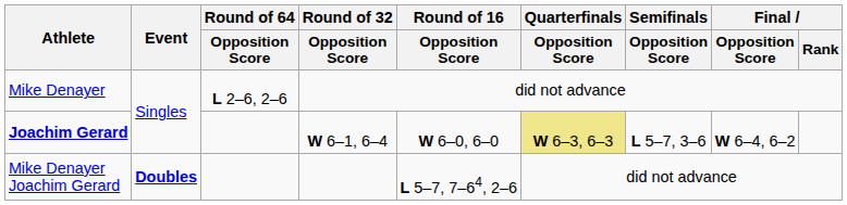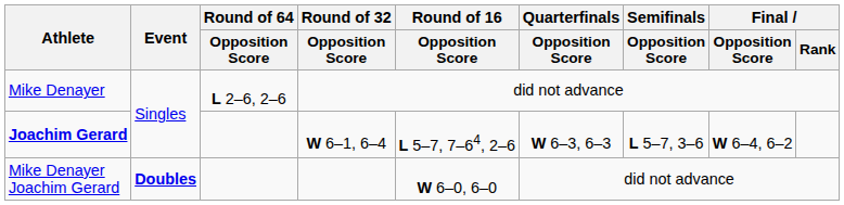 <table class=wikitable style="font-size:90%">
 <tr>
 <th rowspan="2">Athlete</th>
 <th rowspan="2">Event</th>
 <th>Round of 64</th>
 <th>Round of 32</th>
 <th>Round of 16</th>
 <th>Quarterfinals</th>
 <th>Semifinals</th>
 <th colspan=2>Final / </th>
 </tr>
 <tr style="font-size:95%">
 <th>Opposition<br>Score</th>
 <th>Opposition<br>Score</th>
 <th>Opposition<br>Score</th>
 <th>Opposition<br>Score</th>
 <th>Opposition<br>Score</th>
 <th>Opposition<br>Score</th>
 <th>Rank</th>
 </tr>
 <tr align=center>
 <td align=left><a href='#'>Mike Denayer</a></td>
 <td align=left rowspan=2><a href='#'>Singles</a></td>
 <td><br><strong>L</strong> 2–6, 2–6</td>
 <td colspan=6>did not advance</td>
 </tr>
 <tr align=center>
 <td align=left><strong><a href='#'>Joachim Gerard</a></strong></td>
 <td></td>
 <td><br><strong>W</strong> 6–1, 6–4</td>
-<td><br><strong>W</strong> 6–0, 6–0</td>
-<td style="background: khaki;"><br><strong>W</strong> 6–3, 6–3</td>
+<td><br><strong>L</strong> 5–7, 7–6<sup>4</sup>, 2–6</td>
+<td><br><strong>W</strong> 6–3, 6–3</td>
 <td><br><strong>L</strong> 5–7, 3–6</td>
 <td><br><strong>W</strong> 6–4, 6–2</td>
 <td></td>
 </tr>
 <tr align=center>
 <td align=left><a href='#'>Mike Denayer</a><br><a href='#'>Joachim Gerard</a></td>
 <td align=left><strong><a href='#'>Doubles</a></strong></td>
 <td></td>
 <td></td>
-<td><br><strong>L</strong> 5–7, 7–6<sup>4</sup>, 2–6</td>
+<td><br><strong>W</strong> 6–0, 6–0</td>
 <td colspan=4>did not advance</td>
 </tr>
 </table>
